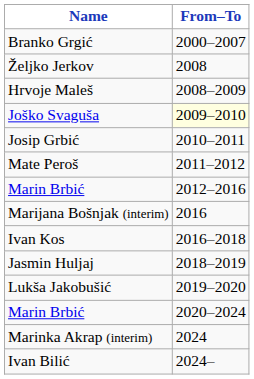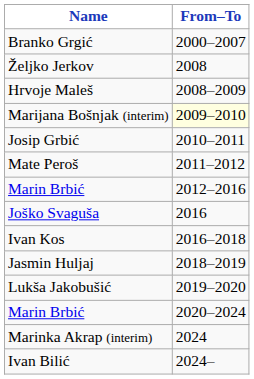 <table class="wikitable" style="text-align: left">
 <tr>
 <th style="color:#1C39BB; background:#FFFFFF;">Name</th>
 <th style="color:#1C39BB; background:#FFFFFF;">From–To</th>
 </tr>
 <tr>
 <td> Branko Grgić</td>
 <td>2000–2007</td>
 </tr>
 <tr>
 <td> Željko Jerkov</td>
 <td>2008</td>
 </tr>
 <tr>
 <td> Hrvoje Maleš</td>
 <td>2008–2009</td>
 </tr>
 <tr>
-<td> <a href='#'>Joško Svaguša</a></td>
+<td> Marijana Bošnjak <small>(interim)</small></td>
 <td style="background: lightyellow;">2009–2010</td>
 </tr>
 <tr>
 <td> Josip Grbić</td>
 <td>2010–2011</td>
 </tr>
 <tr>
 <td> Mate Peroš</td>
 <td>2011–2012</td>
 </tr>
 <tr>
 <td> <a href='#'>Marin Brbić</a></td>
 <td>2012–2016</td>
 </tr>
 <tr>
-<td> Marijana Bošnjak <small>(interim)</small></td>
+<td> <a href='#'>Joško Svaguša</a></td>
 <td>2016</td>
 </tr>
 <tr>
 <td> Ivan Kos</td>
 <td>2016–2018</td>
 </tr>
 <tr>
 <td> Jasmin Huljaj</td>
 <td>2018–2019</td>
 </tr>
 <tr>
 <td> Lukša Jakobušić</td>
 <td>2019–2020</td>
 </tr>
 <tr>
 <td> <a href='#'>Marin Brbić</a></td>
 <td>2020–2024</td>
 </tr>
 <tr>
 <td> Marinka Akrap <small>(interim)</small></td>
 <td>2024</td>
 </tr>
 <tr>
 <td> Ivan Bilić</td>
 <td>2024–</td>
 </tr>
 </table>
